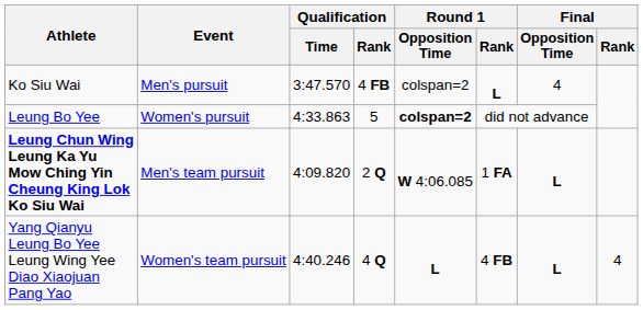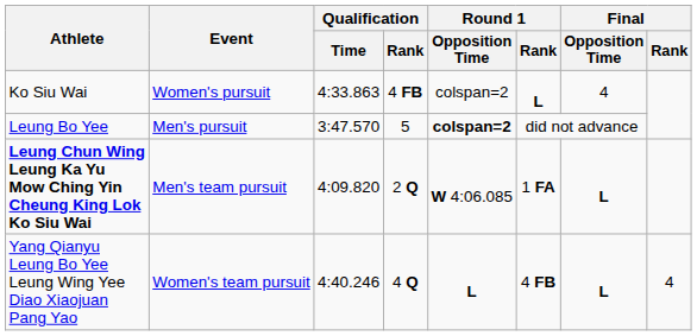 <table class=wikitable style=font-size:90%;text-align:center>
 <tr>
 <th rowspan="2">Athlete</th>
 <th rowspan="2">Event</th>
 <th colspan=2>Qualification</th>
 <th colspan=2>Round 1</th>
 <th colspan=2>Final</th>
 </tr>
 <tr style="font-size:95%">
 <th>Time</th>
 <th>Rank</th>
 <th>Opposition<br>Time</th>
 <th>Rank</th>
 <th>Opposition<br>Time</th>
 <th>Rank</th>
 </tr>
 <tr>
 <td align=left>Ko Siu Wai</td>
-<td align=left><a href='#'>Men's pursuit</a></td>
-<td>3:47.570</td>
+<td align=left><a href='#'>Women's pursuit</a></td>
+<td>4:33.863</td>
 <td>4 <strong>FB</strong></td>
 <td>colspan=2 </td>
 <td><br><strong>L</strong></td>
 <td>4</td>
 </tr>
 <tr>
 <td align=left><a href='#'>Leung Bo Yee</a></td>
-<td align=left><a href='#'>Women's pursuit</a></td>
-<td>4:33.863</td>
+<td align=left><a href='#'>Men's pursuit</a></td>
+<td>3:47.570</td>
 <td>5</td>
 <td><strong>colspan=2 </strong></td>
 <td colspan=2>did not advance</td>
 </tr>
 <tr>
 <td align=left><strong><a href='#'>Leung Chun Wing</a><br>Leung Ka Yu<br>Mow Ching Yin<br><a href='#'>Cheung King Lok</a><br>Ko Siu Wai</strong></td>
 <td align=left><a href='#'>Men's team pursuit</a></td>
 <td>4:09.820</td>
 <td>2 <strong>Q</strong></td>
 <td><br><strong>W</strong> 4:06.085</td>
 <td>1 <strong>FA</strong></td>
 <td><br><strong>L</strong></td>
 <td></td>
 </tr>
 <tr>
 <td align=left><a href='#'>Yang Qianyu</a><br><a href='#'>Leung Bo Yee</a><br>Leung Wing Yee<br><a href='#'>Diao Xiaojuan</a><br><a href='#'>Pang Yao</a></td>
 <td align=left><a href='#'>Women's team pursuit</a></td>
 <td>4:40.246</td>
 <td>4 <strong>Q</strong></td>
 <td><br><strong>L</strong></td>
 <td>4 <strong>FB</strong></td>
 <td><br><strong>L</strong></td>
 <td>4</td>
 </tr>
 </table>
